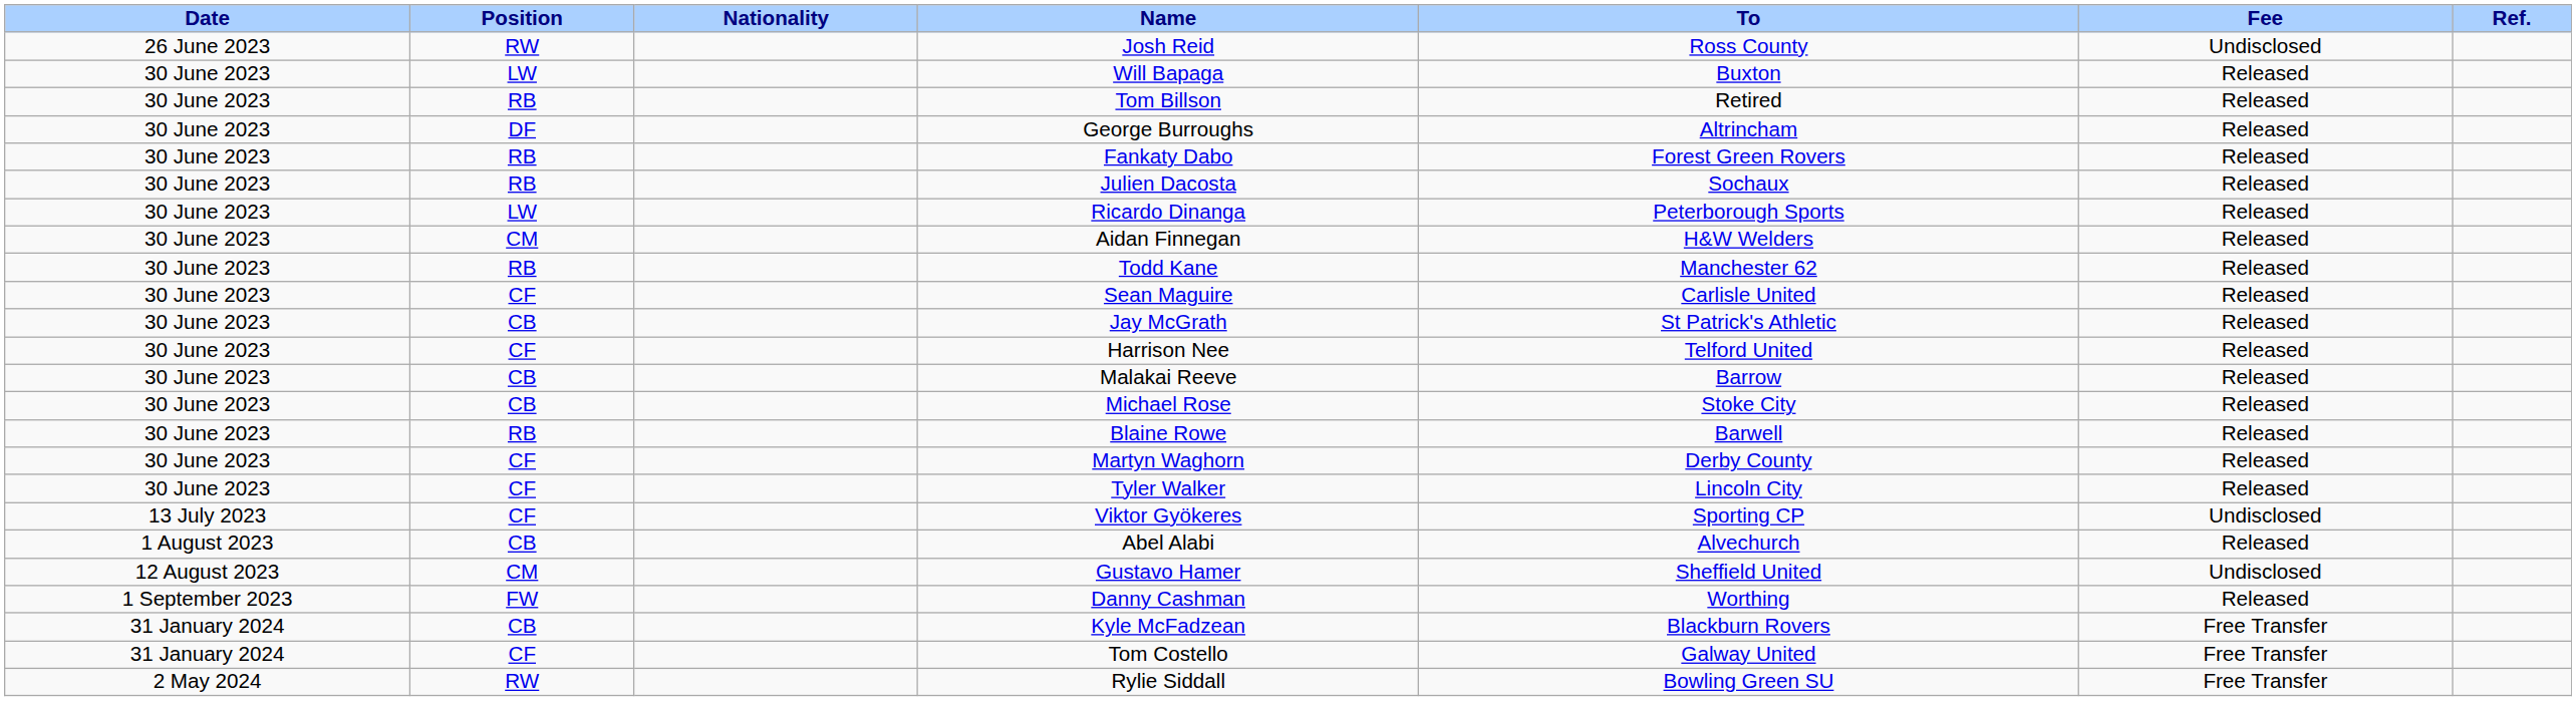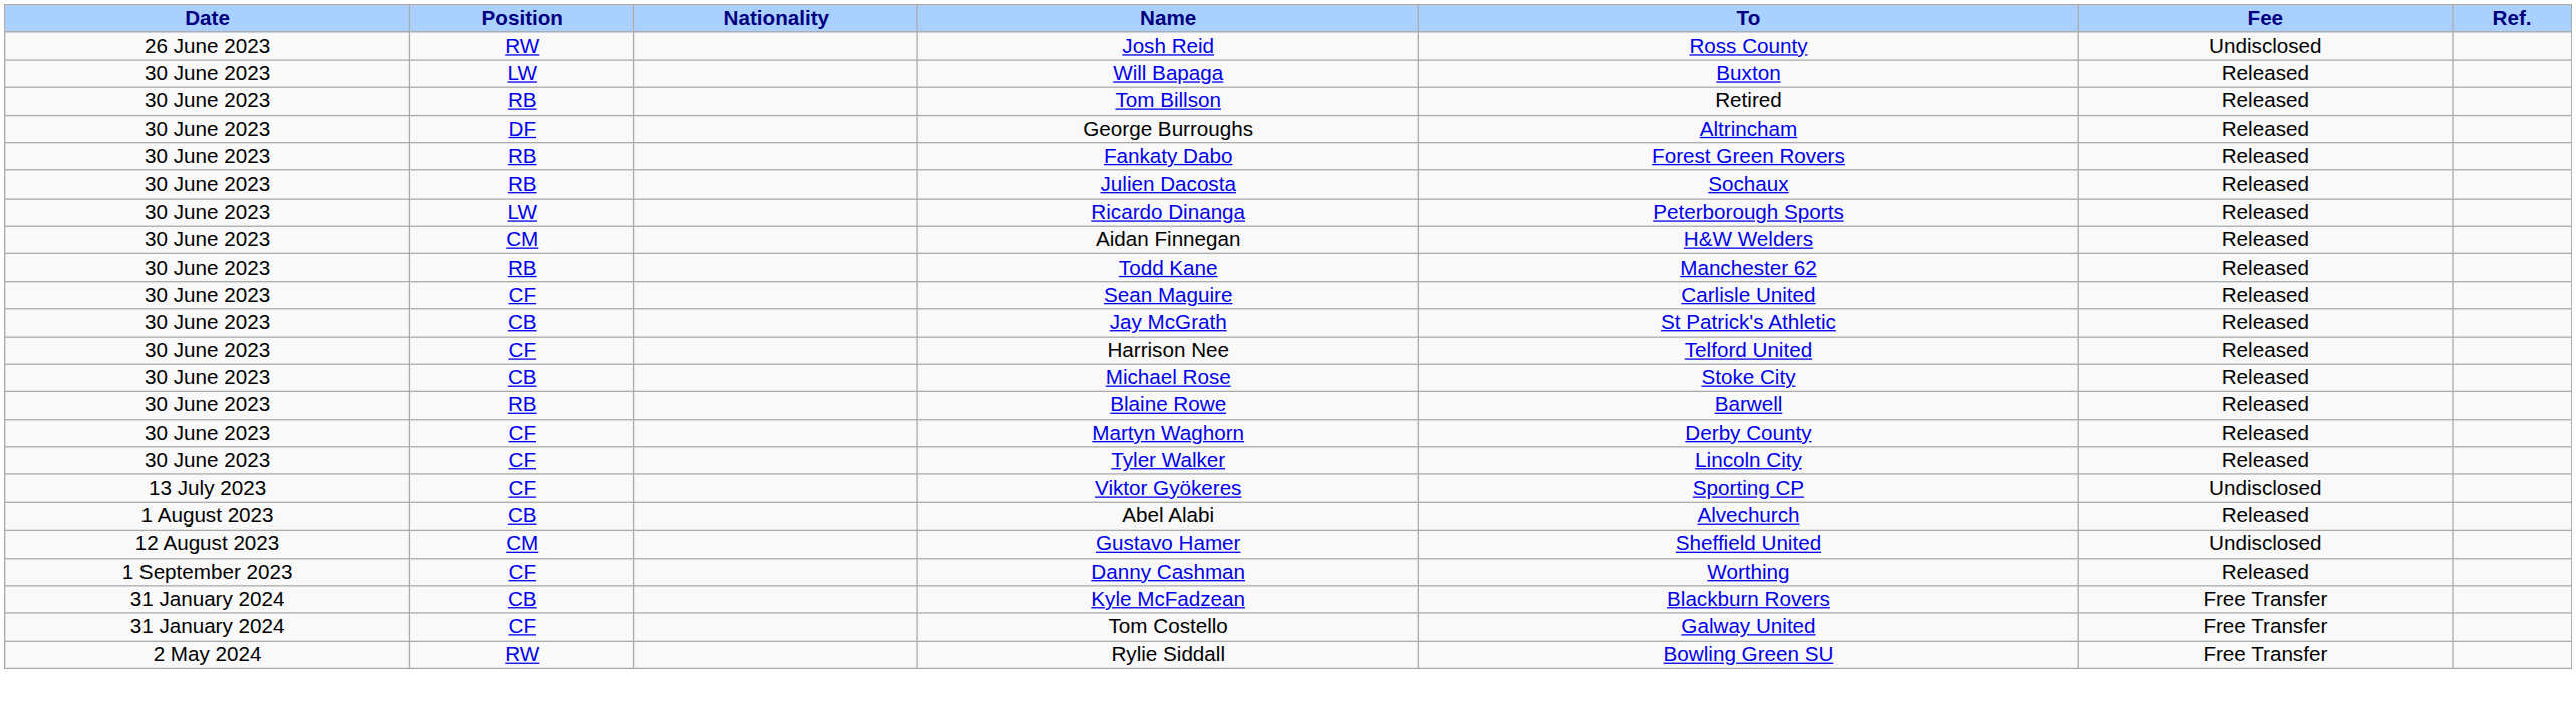 <table class="wikitable sortable alternance" style="font-size:100%; text-align:center; line-height:14px; width:100%;">
 <tr>
 <th style="background:#AAD0FF; color:#000080; width:120px;">Date</th>
 <th style="background:#AAD0FF; color:#000080; width:50px;">Position</th>
 <th style="background:#AAD0FF; color:#000080; width:50px;">Nationality</th>
 <th style="background:#AAD0FF; color:#000080; width:150px;">Name</th>
 <th style="background:#AAD0FF; color:#000080; width:200px;">To</th>
 <th style="background:#AAD0FF; color:#000080; width:110px;">Fee</th>
 <th style="background:#AAD0FF; color:#000080; width:25px;">Ref.</th>
 </tr>
 <tr>
 <td>26 June 2023</td>
 <td><a href='#'>RW</a></td>
 <td></td>
 <td><a href='#'>Josh Reid</a></td>
 <td> <a href='#'>Ross County</a></td>
 <td>Undisclosed</td>
 <td></td>
 </tr>
 <tr>
 <td>30 June 2023</td>
 <td><a href='#'>LW</a></td>
 <td></td>
 <td><a href='#'>Will Bapaga</a></td>
 <td> <a href='#'>Buxton</a></td>
 <td>Released</td>
 <td></td>
 </tr>
 <tr>
 <td>30 June 2023</td>
 <td><a href='#'>RB</a></td>
 <td></td>
 <td><a href='#'>Tom Billson</a></td>
 <td>Retired</td>
 <td>Released</td>
 <td></td>
 </tr>
 <tr>
 <td>30 June 2023</td>
 <td><a href='#'>DF</a></td>
 <td></td>
 <td>George Burroughs</td>
 <td> <a href='#'>Altrincham</a></td>
 <td>Released</td>
 <td></td>
 </tr>
 <tr>
 <td>30 June 2023</td>
 <td><a href='#'>RB</a></td>
 <td></td>
 <td><a href='#'>Fankaty Dabo</a></td>
 <td> <a href='#'>Forest Green Rovers</a></td>
 <td>Released</td>
 <td></td>
 </tr>
 <tr>
 <td>30 June 2023</td>
 <td><a href='#'>RB</a></td>
 <td></td>
 <td><a href='#'>Julien Dacosta</a></td>
 <td> <a href='#'>Sochaux</a></td>
 <td>Released</td>
 <td></td>
 </tr>
 <tr>
 <td>30 June 2023</td>
 <td><a href='#'>LW</a></td>
 <td></td>
 <td><a href='#'>Ricardo Dinanga</a></td>
 <td> <a href='#'>Peterborough Sports</a></td>
 <td>Released</td>
 <td></td>
 </tr>
 <tr>
 <td>30 June 2023</td>
 <td><a href='#'>CM</a></td>
 <td></td>
 <td>Aidan Finnegan</td>
 <td> <a href='#'>H&W Welders</a></td>
 <td>Released</td>
 <td></td>
 </tr>
 <tr>
 <td>30 June 2023</td>
 <td><a href='#'>RB</a></td>
 <td></td>
 <td><a href='#'>Todd Kane</a></td>
 <td> <a href='#'>Manchester 62</a></td>
 <td>Released</td>
 <td></td>
 </tr>
 <tr>
 <td>30 June 2023</td>
 <td><a href='#'>CF</a></td>
 <td></td>
 <td><a href='#'>Sean Maguire</a></td>
 <td> <a href='#'>Carlisle United</a></td>
 <td>Released</td>
 <td></td>
 </tr>
 <tr>
 <td>30 June 2023</td>
 <td><a href='#'>CB</a></td>
 <td></td>
 <td><a href='#'>Jay McGrath</a></td>
 <td> <a href='#'>St Patrick's Athletic</a></td>
 <td>Released</td>
 <td></td>
 </tr>
 <tr>
 <td>30 June 2023</td>
 <td><a href='#'>CF</a></td>
 <td></td>
 <td>Harrison Nee</td>
 <td> <a href='#'>Telford United</a></td>
 <td>Released</td>
 <td></td>
 </tr>
 <tr>
 <td>30 June 2023</td>
 <td><a href='#'>CB</a></td>
 <td></td>
-<td>Malakai Reeve</td>
-<td> <a href='#'>Barrow</a></td>
-<td>Released</td>
-<td></td>
-</tr>
-<tr>
-<td>30 June 2023</td>
-<td><a href='#'>CB</a></td>
-<td></td>
 <td><a href='#'>Michael Rose</a></td>
 <td> <a href='#'>Stoke City</a></td>
 <td>Released</td>
 <td></td>
 </tr>
 <tr https://www.pitchero.com/clubs/barwell/news/match-report-hitchin-town-a-2806243.html>
 <td>30 June 2023</td>
 <td><a href='#'>RB</a></td>
 <td></td>
 <td><a href='#'>Blaine Rowe</a></td>
 <td> <a href='#'>Barwell</a></td>
 <td>Released</td>
 <td></td>
 </tr>
 <tr>
 <td>30 June 2023</td>
 <td><a href='#'>CF</a></td>
 <td></td>
 <td><a href='#'>Martyn Waghorn</a></td>
 <td> <a href='#'>Derby County</a></td>
 <td>Released</td>
 <td></td>
 </tr>
 <tr>
 <td>30 June 2023</td>
 <td><a href='#'>CF</a></td>
 <td></td>
 <td><a href='#'>Tyler Walker</a></td>
 <td> <a href='#'>Lincoln City</a></td>
 <td>Released</td>
 <td></td>
 </tr>
 <tr>
 <td>13 July 2023</td>
 <td><a href='#'>CF</a></td>
 <td></td>
 <td><a href='#'>Viktor Gyökeres</a></td>
 <td> <a href='#'>Sporting CP</a></td>
 <td>Undisclosed</td>
 <td></td>
 </tr>
 <tr>
 <td>1 August 2023</td>
 <td><a href='#'>CB</a></td>
 <td></td>
 <td>Abel Alabi</td>
 <td> <a href='#'>Alvechurch</a></td>
 <td>Released</td>
 <td></td>
 </tr>
 <tr>
 <td>12 August 2023</td>
 <td><a href='#'>CM</a></td>
 <td></td>
 <td><a href='#'>Gustavo Hamer</a></td>
 <td> <a href='#'>Sheffield United</a></td>
 <td>Undisclosed</td>
 <td></td>
 </tr>
 <tr>
 <td>1 September 2023</td>
-<td><a href='#'>FW</a></td>
+<td><a href='#'>CF</a></td>
 <td></td>
 <td><a href='#'>Danny Cashman</a></td>
 <td> <a href='#'>Worthing</a></td>
 <td>Released</td>
 <td></td>
 </tr>
 <tr>
 <td>31 January 2024</td>
 <td><a href='#'>CB</a></td>
 <td></td>
 <td><a href='#'>Kyle McFadzean</a></td>
 <td> <a href='#'>Blackburn Rovers</a></td>
 <td>Free Transfer</td>
 <td></td>
 </tr>
 <tr>
 <td>31 January 2024</td>
 <td><a href='#'>CF</a></td>
 <td></td>
 <td>Tom Costello</td>
 <td> <a href='#'>Galway United</a></td>
 <td>Free Transfer</td>
 <td></td>
 </tr>
 <tr>
 <td>2 May 2024</td>
 <td><a href='#'>RW</a></td>
 <td></td>
 <td>Rylie Siddall</td>
 <td> <a href='#'>Bowling Green SU</a></td>
 <td>Free Transfer</td>
 <td></td>
 </tr>
 </table>
